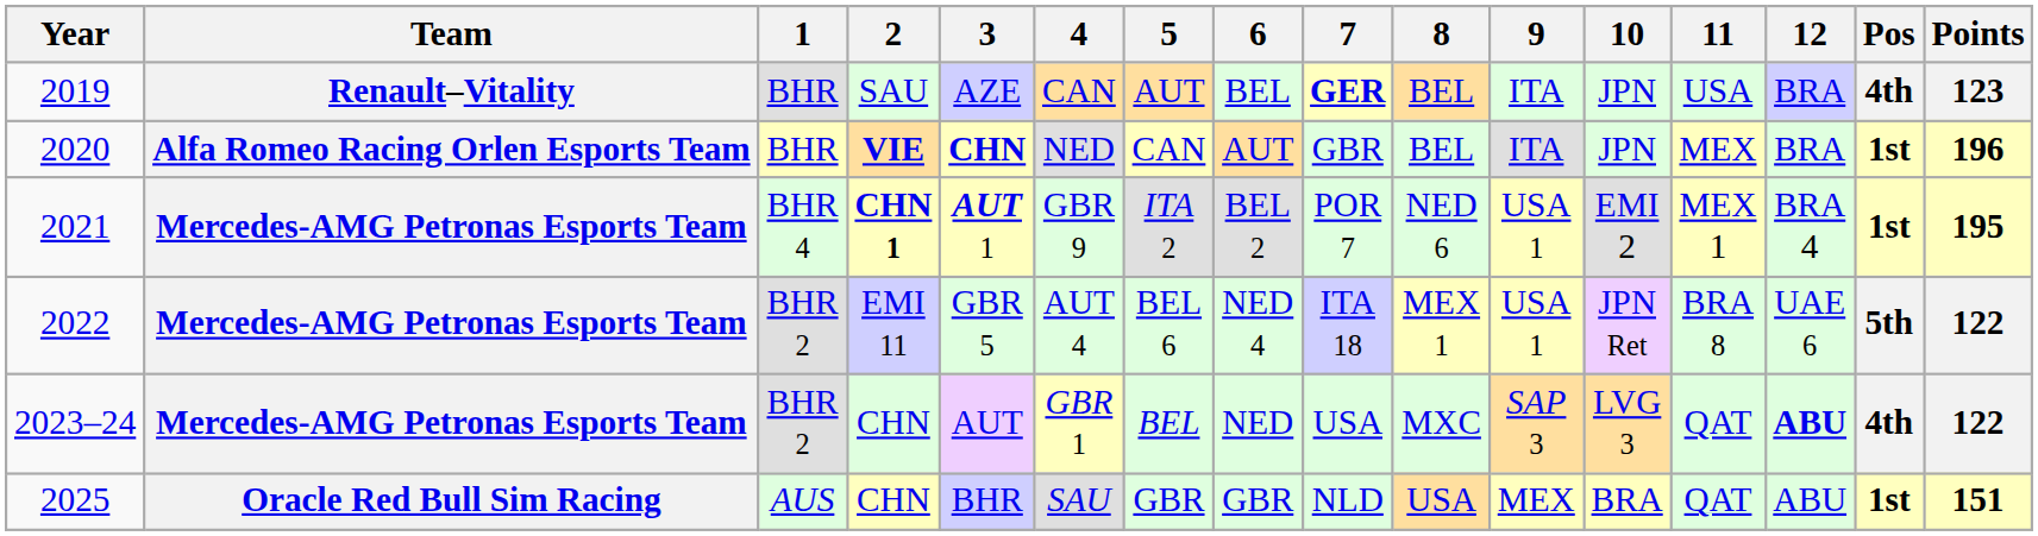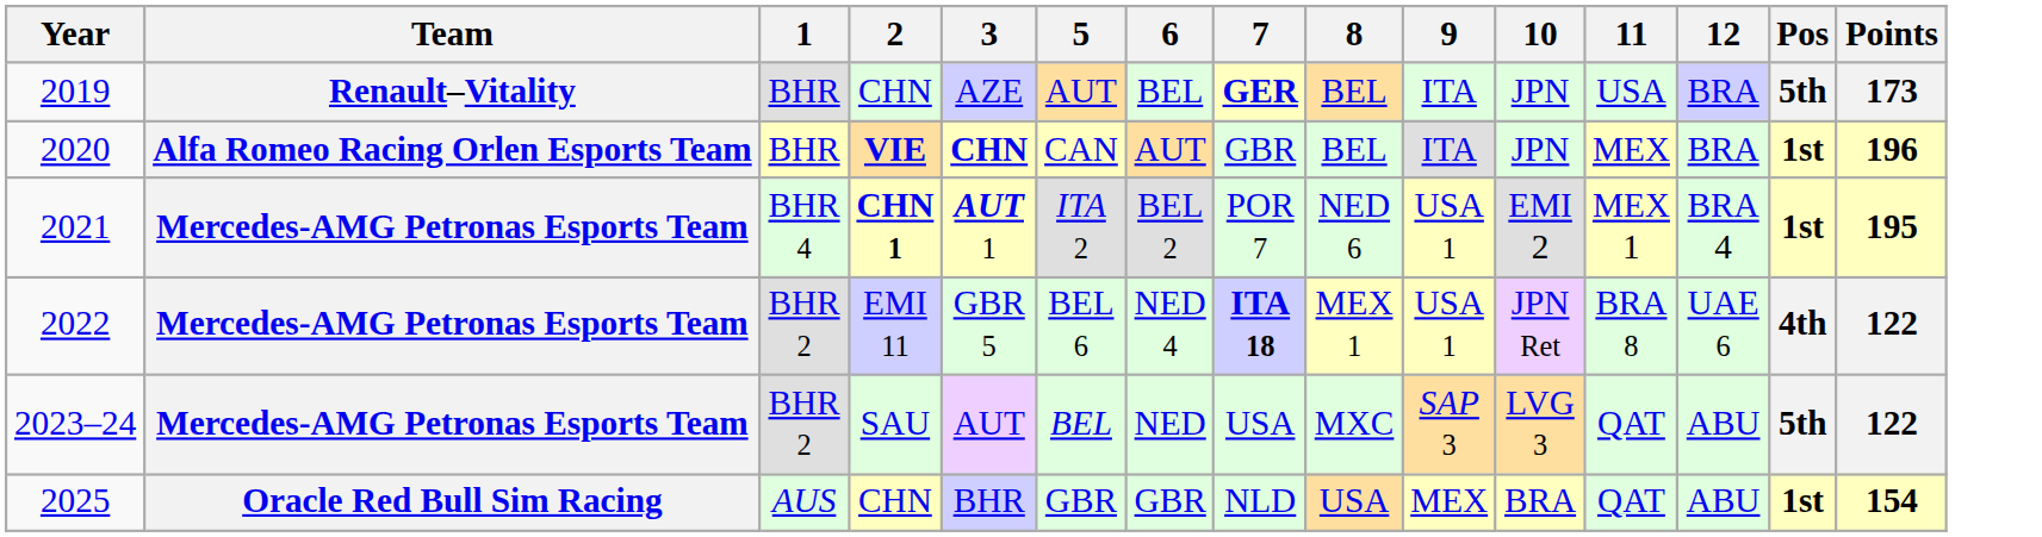 <table class="wikitable" style="text-align:center; font-size:85%">
 <tr>
 <th>Year</th>
 <th>Team</th>
 <th>1</th>
 <th>2</th>
 <th>3</th>
-<th>4</th>
 <th>5</th>
 <th>6</th>
 <th>7</th>
 <th>8</th>
 <th>9</th>
 <th>10</th>
 <th>11</th>
 <th>12</th>
 <th>Pos</th>
 <th>Points</th>
 </tr>
 <tr>
 <td><a href='#'>2019</a></td>
 <th nowrap><a href='#'>Renault</a>–<a href='#'>Vitality</a></th>
 <td style="background:#DFDFDF;"><a href='#'>BHR</a><br></td>
-<td style="background:#DFFFDF;"><a href='#'>SAU</a><br></td>
+<td style="background:#DFFFDF;"><a href='#'>CHN</a><br></td>
 <td style="background:#CFCFFF;"><a href='#'>AZE</a><br></td>
-<td style="background:#FFDF9F;"><a href='#'>CAN</a><br></td>
 <td style="background:#FFDF9F;"><a href='#'>AUT</a><br></td>
 <td style="background:#DFFFDF;"><a href='#'>BEL</a> <br></td>
 <td style="background:#FFFFBF;"><strong><a href='#'>GER</a></strong><br></td>
 <td style="background:#FFDF9F;"><a href='#'>BEL</a><br></td>
 <td style="background:#DFFFDF;"><a href='#'>ITA</a><br></td>
 <td style="background:#DFFFDF;"><a href='#'>JPN</a><br></td>
 <td style="background:#DFFFDF;"><a href='#'>USA</a><br></td>
 <td style="background:#CFCFFF;"><a href='#'>BRA</a><br></td>
-<th>4th</th>
-<th>123</th>
+<th>5th</th>
+<th>173</th>
 </tr>
 <tr>
 <td><a href='#'>2020</a></td>
 <th nowrap><a href='#'>Alfa Romeo Racing Orlen Esports Team</a></th>
 <td style="background:#FFFFBF;"><a href='#'>BHR</a><br></td>
 <td style="background:#FFDF9F;"><strong><a href='#'>VIE</a></strong><br></td>
 <td style="background:#FFFFBF;"><strong><a href='#'>CHN</a></strong><br></td>
-<td style="background:#DFDFDF;"><a href='#'>NED</a><br></td>
 <td style="background:#FFFFBF;"><a href='#'>CAN</a><br></td>
 <td style="background:#FFDF9F;"><a href='#'>AUT</a><br></td>
 <td style="background:#DFFFDF;"><a href='#'>GBR</a><br></td>
 <td style="background:#DFFFDF;"><a href='#'>BEL</a><br></td>
 <td style="background:#DFDFDF;"><a href='#'>ITA</a><br></td>
 <td style="background:#DFFFDF;"><a href='#'>JPN</a><br></td>
 <td style="background:#FFFFBF;"><a href='#'>MEX</a><br></td>
 <td style="background:#DFFFDF;"><a href='#'>BRA</a><br></td>
 <th style="background:#FFFFBF;">1st</th>
 <th style="background:#FFFFBF;">196</th>
 </tr>
 <tr>
 <td><a href='#'>2021</a></td>
 <th nowrap><a href='#'>Mercedes-AMG Petronas Esports Team</a></th>
 <td style="background:#DFFFDF;"><a href='#'>BHR</a><br><small>4</small></td>
 <td style="background:#FFFFBF;"><strong><a href='#'>CHN</a><br><small>1</small></strong></td>
 <td style="background:#FFFFBF;"><a href='#'><strong><em>AUT</em></strong></a><br><small>1</small></td>
-<td style="background:#DFFFDF;"><a href='#'>GBR</a><br><small>9</small></td>
 <td style="background:#DFDFDF;"><a href='#'><em>ITA</em></a><br><small>2</small></td>
 <td style="background:#DFDFDF;"><a href='#'>BEL</a><br><small>2</small></td>
 <td style="background:#DFFFDF;"><a href='#'>POR</a><br><small>7</small></td>
 <td style="background:#DFFFDF;"><a href='#'>NED</a><br><small>6</small></td>
 <td style="background:#FFFFBF;"><a href='#'>USA</a><br><small>1</small></td>
 <td style="background:#DFDFDF;"><a href='#'>EMI</a><br>2</td>
 <td style="background:#FFFFBF;"><a href='#'>MEX</a><br>1</td>
 <td style="background:#DFFFDF;"><a href='#'>BRA</a><br>4</td>
 <th style="background:#FFFFBF;">1st</th>
 <th style="background:#FFFFBF;">195</th>
 </tr>
 <tr>
 <td><a href='#'>2022</a></td>
 <th nowrap><a href='#'>Mercedes-AMG Petronas Esports Team</a></th>
 <td style="background:#DFDFDF;"><a href='#'>BHR</a><br><small>2</small></td>
 <td style="background:#CFCFFF;"><a href='#'>EMI</a><br> <small>11</small></td>
 <td style="background:#DFFFDF;"><a href='#'>GBR</a><br> <small>5</small></td>
-<td style="background:#DFFFDF;"><a href='#'>AUT</a><br> <small>4</small></td>
 <td style="background:#DFFFDF;"><a href='#'>BEL</a><br> <small>6</small></td>
 <td style="background:#DFFFDF;"><a href='#'>NED</a><br> <small>4</small></td>
-<td style="background:#CFCFFF;"><a href='#'>ITA</a><br> <small>18</small></td>
+<td style="background:#CFCFFF;"><strong><a href='#'>ITA</a><br> <small>18</small></strong></td>
 <td style="background:#FFFFBF;"><a href='#'>MEX</a><br> <small>1</small></td>
 <td style="background:#FFFFBF;"><a href='#'>USA</a><br> <small>1</small></td>
 <td style="background:#EFCFFF;"><a href='#'>JPN</a><br> <small>Ret</small></td>
 <td style="background:#DFFFDF;"><a href='#'>BRA</a><br> <small>8</small></td>
 <td style="background:#DFFFDF;"><a href='#'>UAE</a><br> <small>6</small></td>
-<th>5th</th>
+<th>4th</th>
 <th>122</th>
 </tr>
 <tr>
 <td nowrap><a href='#'>2023–24</a></td>
 <th nowrap><a href='#'>Mercedes-AMG Petronas Esports Team</a></th>
 <td style="background:#DFDFDF;"><a href='#'>BHR</a><br><small>2</small></td>
-<td style="background:#DFFFDF;"><a href='#'>CHN</a><br></td>
+<td style="background:#DFFFDF;"><a href='#'>SAU</a><br></td>
 <td style="background:#efcfff;"><a href='#'>AUT</a><br></td>
-<td style="background:#FFFFBF;"><a href='#'><em>GBR</em></a><br> <small>1</small></td>
 <td style="background:#DFFFDF;"><a href='#'><em>BEL</em></a> <br></td>
 <td style="background:#DFFFDF;"><a href='#'>NED</a> <br></td>
 <td style="background:#DFFFDF;"><a href='#'>USA</a> <br></td>
 <td style="background:#DFFFDF;"><a href='#'>MXC</a> <br></td>
 <td style="background:#FFDF9F;"><a href='#'><em>SAP</em></a> <br> <small>3</small></td>
 <td style="background:#FFDF9F;"><a href='#'>LVG</a> <br> <small>3</small></td>
 <td style="background:#DFFFDF;"><a href='#'>QAT</a> <br></td>
-<td style="background:#DFFFDF;"><strong><a href='#'>ABU</a> <br></strong></td>
-<th>4th</th>
+<td style="background:#DFFFDF;"><a href='#'>ABU</a> <br></td>
+<th>5th</th>
 <th>122</th>
 </tr>
 <tr>
 <td><a href='#'>2025</a></td>
 <th><a href='#'>Oracle Red Bull Sim Racing</a></th>
 <td style="background:#DFFFDF;"><em><a href='#'>AUS</a></em><br></td>
 <td style="background:#FFFFBF;"><a href='#'>CHN</a><br></td>
 <td style="background:#CFCFFF;"><a href='#'>BHR</a><br></td>
-<td style="background:#DFDFDF;"><em><a href='#'>SAU</a></em><br></td>
 <td style="background:#DFFFDF;"><a href='#'>GBR</a><br></td>
 <td style="background:#DFFFDF;"><a href='#'>GBR</a><br></td>
 <td style="background:#DFFFDF;"><a href='#'>NLD</a> <br></td>
 <td style="background:#FFDF9F;"><a href='#'>USA</a> <br></td>
 <td style="background:#FFFFBF;"><a href='#'>MEX</a> <br></td>
 <td style="background:#FFFFBF;"><a href='#'>BRA</a> <br></td>
 <td style="background:#DFFFDF;"><a href='#'>QAT</a> <br></td>
 <td style="background:#DFFFDF;"><a href='#'>ABU</a> <br></td>
 <th style="background:#FFFFBF;">1st</th>
-<th style="background:#FFFFBF;">151</th>
+<th style="background:#FFFFBF;">154</th>
 </tr>
 </table>
